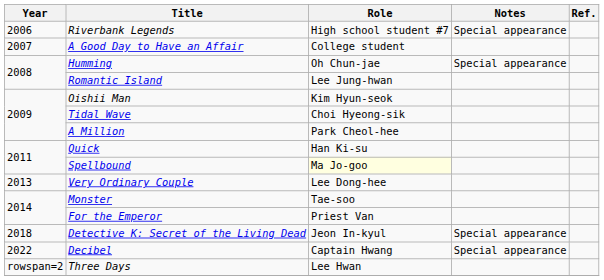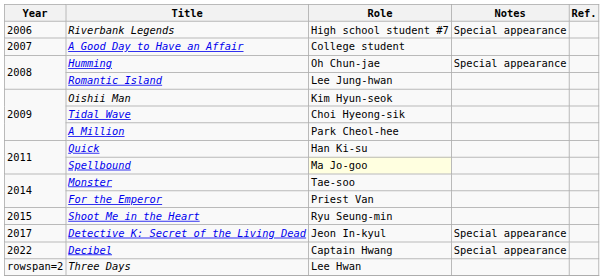 <table class="wikitable">
 <tr>
 <th>Year</th>
 <th>Title</th>
 <th>Role</th>
 <th>Notes</th>
 <th>Ref.</th>
 </tr>
 <tr>
 <td>2006</td>
 <td><em>Riverbank Legends</em></td>
 <td>High school student #7</td>
 <td>Special appearance</td>
 <td></td>
 </tr>
 <tr>
 <td>2007</td>
 <td><em><a href='#'>A Good Day to Have an Affair</a></em></td>
 <td>College student</td>
 <td></td>
 <td></td>
 </tr>
 <tr>
 <td rowspan=2>2008</td>
 <td><em><a href='#'>Humming</a></em></td>
 <td>Oh Chun-jae</td>
 <td>Special appearance</td>
 <td></td>
 </tr>
 <tr>
 <td><em><a href='#'>Romantic Island</a></em></td>
 <td>Lee Jung-hwan</td>
 <td></td>
 <td></td>
 </tr>
 <tr>
 <td rowspan=3>2009</td>
 <td><em>Oishii Man</em></td>
 <td>Kim Hyun-seok</td>
 <td></td>
 <td></td>
 </tr>
 <tr>
 <td><em><a href='#'>Tidal Wave</a></em></td>
 <td>Choi Hyeong-sik</td>
 <td></td>
 <td></td>
 </tr>
 <tr>
 <td><em><a href='#'>A Million</a></em></td>
 <td>Park Cheol-hee</td>
 <td></td>
 <td></td>
 </tr>
 <tr>
 <td rowspan=2>2011</td>
 <td><em><a href='#'>Quick</a></em></td>
 <td>Han Ki-su</td>
 <td></td>
 <td></td>
 </tr>
 <tr>
 <td><em><a href='#'>Spellbound</a></em></td>
 <td style="background: lightyellow;">Ma Jo-goo</td>
 <td></td>
 <td></td>
 </tr>
 <tr>
-<td>2013</td>
-<td><em><a href='#'>Very Ordinary Couple</a></em></td>
-<td>Lee Dong-hee</td>
-<td></td>
-<td></td>
-</tr>
-<tr>
 <td rowspan=2>2014</td>
 <td><em><a href='#'>Monster</a></em></td>
 <td>Tae-soo</td>
 <td></td>
 <td></td>
 </tr>
 <tr>
 <td><em><a href='#'>For the Emperor</a></em></td>
 <td>Priest Van</td>
 <td></td>
 <td></td>
 </tr>
 <tr>
-<td>2018</td>
+<td>2015</td>
+<td><em><a href='#'>Shoot Me in the Heart</a></em></td>
+<td>Ryu Seung-min</td>
+<td></td>
+<td></td>
+</tr>
+<tr>
+<td>2017</td>
 <td><em><a href='#'>Detective K: Secret of the Living Dead</a></em></td>
 <td>Jeon In-kyul</td>
 <td>Special appearance</td>
 <td></td>
 </tr>
 <tr>
 <td>2022</td>
 <td><em><a href='#'>Decibel</a></em></td>
 <td>Captain Hwang</td>
 <td>Special appearance</td>
 <td></td>
 </tr>
 <tr>
 <td>rowspan=2 </td>
 <td><em> Three Days</em></td>
 <td>Lee Hwan</td>
 <td></td>
 <td></td>
 </tr>
 <tr>
 </tr>
 </table>
